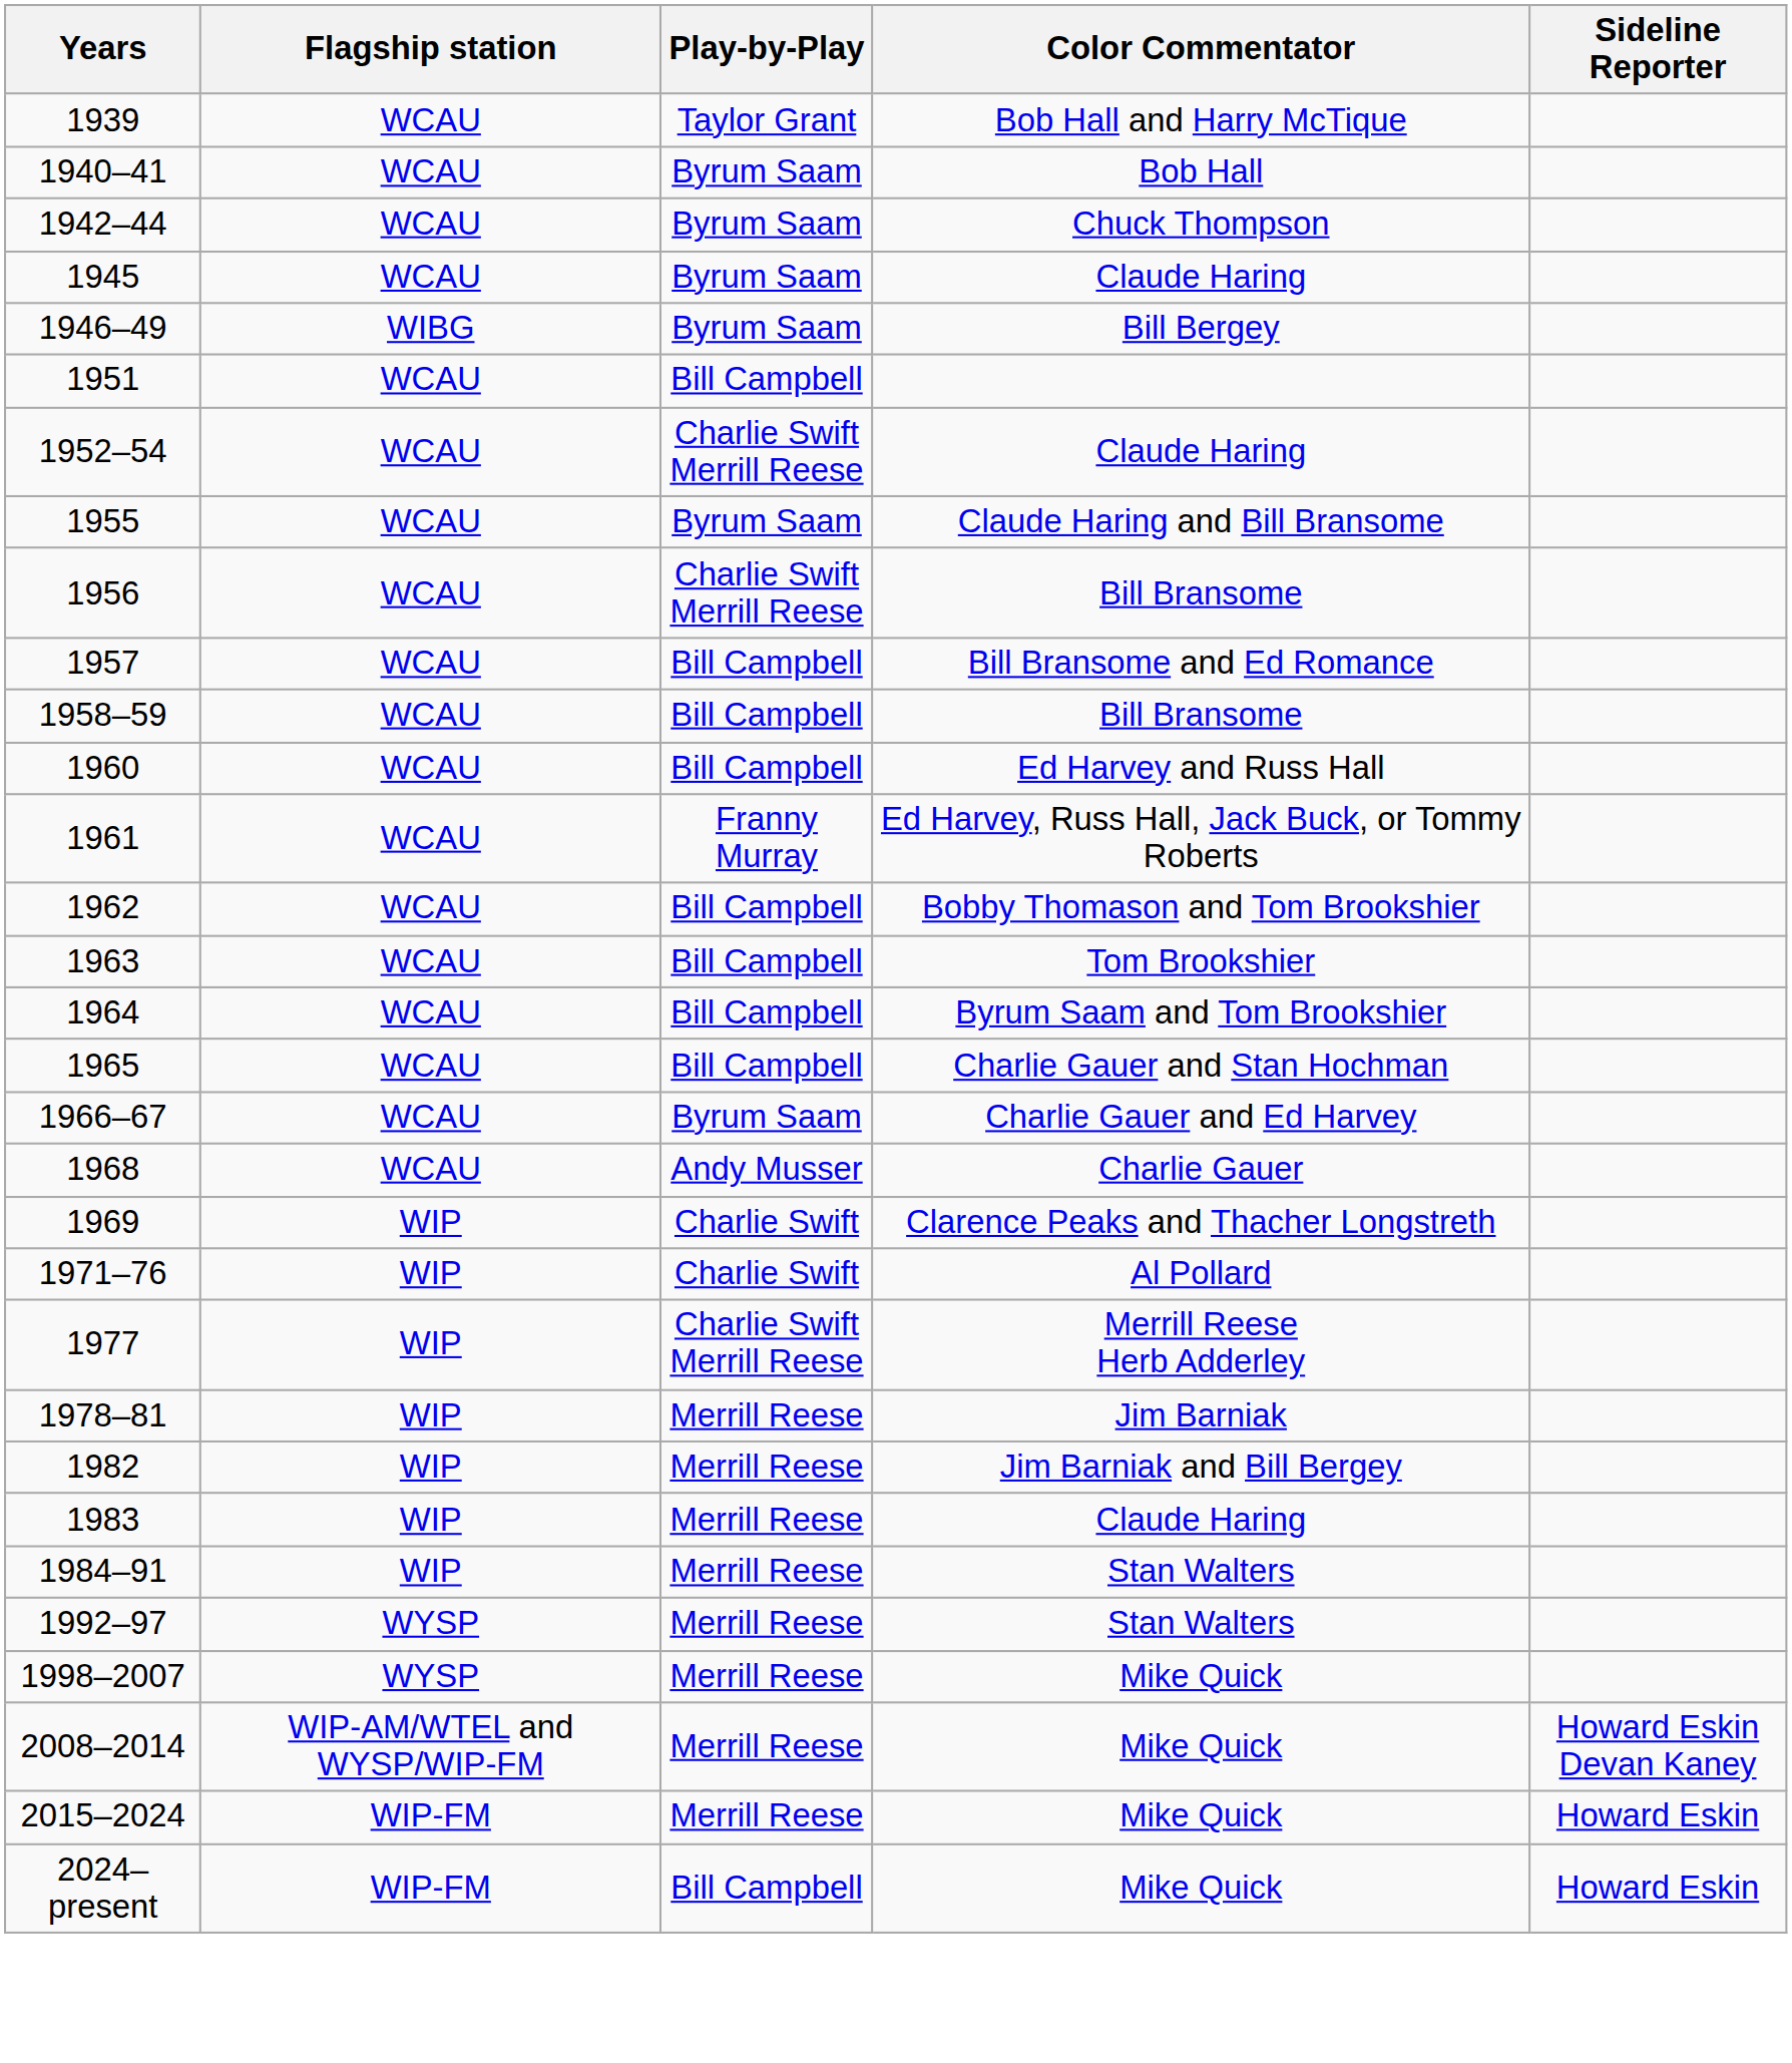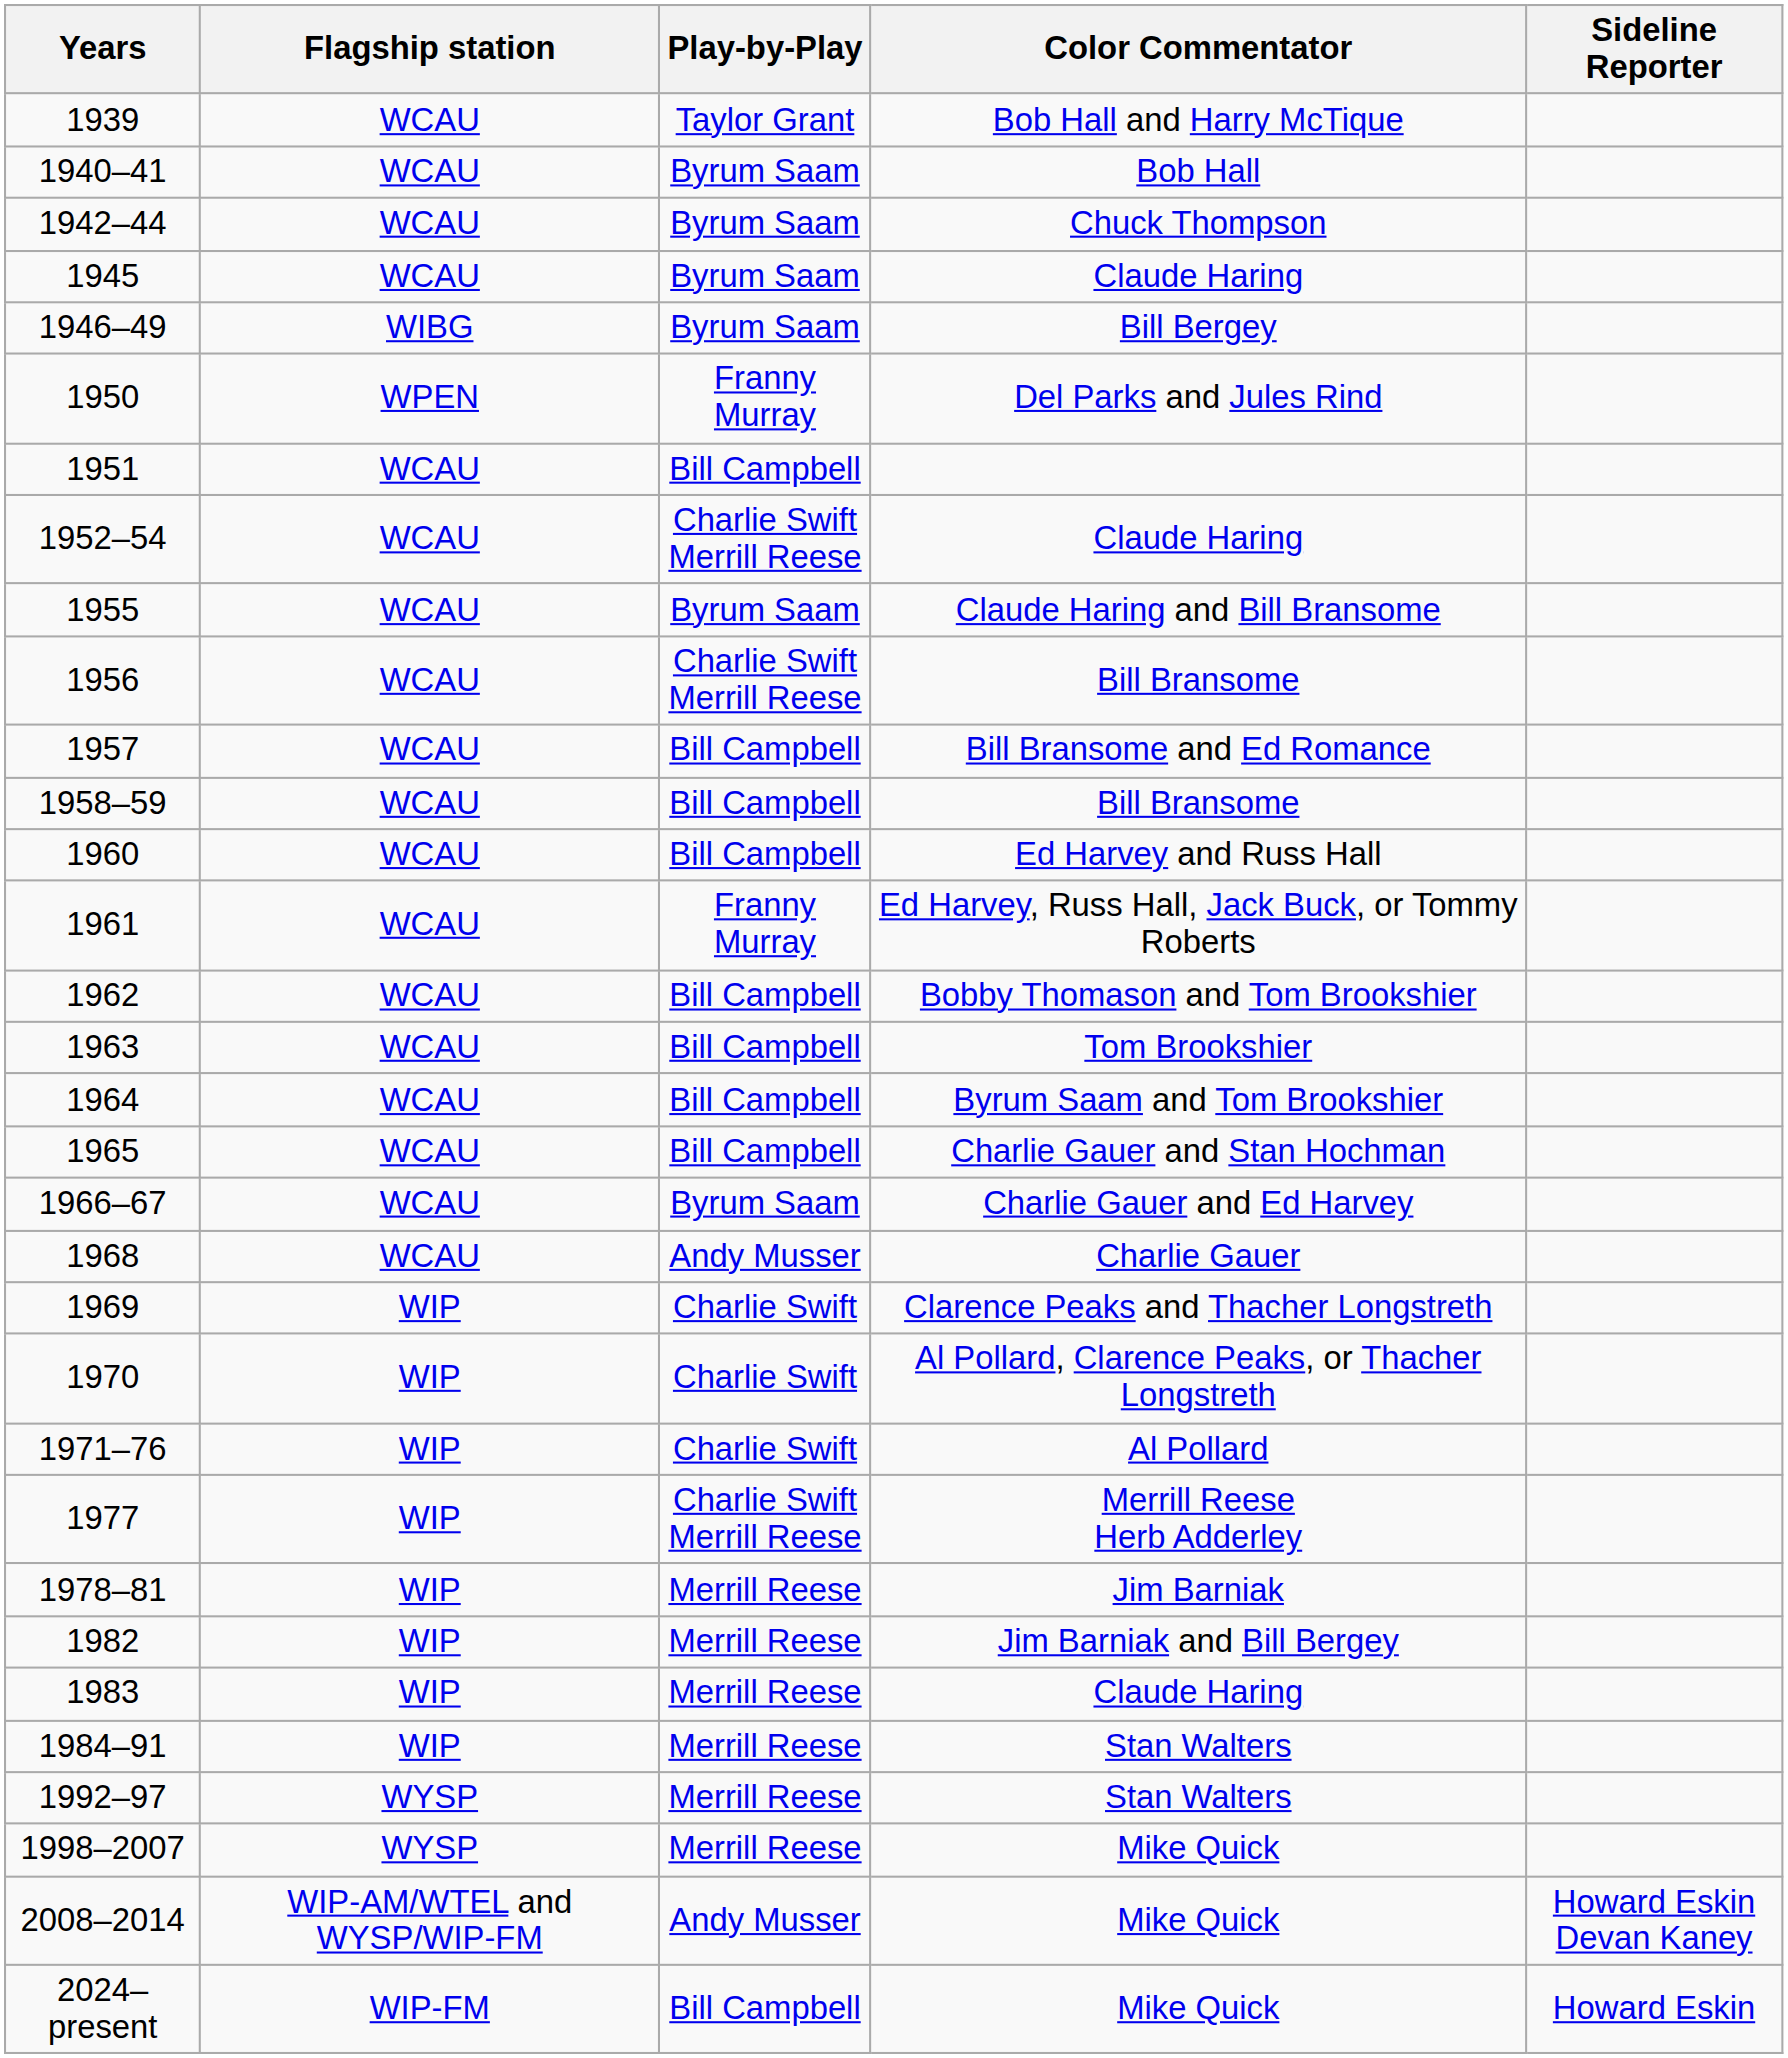 <table class="wikitable" style="text-align: center;">
 <tr>
 <th>Years</th>
 <th>Flagship station</th>
 <th>Play-by-Play</th>
 <th>Color Commentator</th>
 <th>Sideline Reporter</th>
 </tr>
 <tr>
 <td>1939</td>
 <td><a href='#'>WCAU</a></td>
 <td><a href='#'>Taylor Grant</a></td>
 <td><a href='#'>Bob Hall</a> and <a href='#'>Harry McTique</a></td>
 <td></td>
 </tr>
 <tr>
 <td>1940–41</td>
 <td><a href='#'>WCAU</a></td>
 <td><a href='#'>Byrum Saam</a></td>
 <td><a href='#'>Bob Hall</a></td>
 <td></td>
 </tr>
 <tr>
 <td>1942–44</td>
 <td><a href='#'>WCAU</a></td>
 <td><a href='#'>Byrum Saam</a></td>
 <td><a href='#'>Chuck Thompson</a></td>
 <td></td>
 </tr>
 <tr>
 <td>1945</td>
 <td><a href='#'>WCAU</a></td>
 <td><a href='#'>Byrum Saam</a></td>
 <td><a href='#'>Claude Haring</a></td>
 <td></td>
 </tr>
 <tr>
 <td>1946–49</td>
 <td><a href='#'>WIBG</a></td>
 <td><a href='#'>Byrum Saam</a></td>
 <td><a href='#'>Bill Bergey</a></td>
+<td></td>
+</tr>
+<tr>
+<td>1950</td>
+<td><a href='#'>WPEN</a></td>
+<td><a href='#'>Franny Murray</a></td>
+<td><a href='#'>Del Parks</a> and <a href='#'>Jules Rind</a></td>
 <td></td>
 </tr>
 <tr>
 <td>1951</td>
 <td><a href='#'>WCAU</a></td>
 <td><a href='#'>Bill Campbell</a></td>
 <td></td>
 <td></td>
 </tr>
 <tr>
 <td>1952–54</td>
 <td><a href='#'>WCAU</a></td>
 <td><a href='#'>Charlie Swift</a><br><a href='#'>Merrill Reese</a></td>
 <td><a href='#'>Claude Haring</a></td>
 <td></td>
 </tr>
 <tr>
 <td>1955</td>
 <td><a href='#'>WCAU</a></td>
 <td><a href='#'>Byrum Saam</a></td>
 <td><a href='#'>Claude Haring</a> and <a href='#'>Bill Bransome</a></td>
 <td></td>
 </tr>
 <tr>
 <td>1956</td>
 <td><a href='#'>WCAU</a></td>
 <td><a href='#'>Charlie Swift</a><br><a href='#'>Merrill Reese</a></td>
 <td><a href='#'>Bill Bransome</a></td>
 <td></td>
 </tr>
 <tr>
 <td>1957</td>
 <td><a href='#'>WCAU</a></td>
 <td><a href='#'>Bill Campbell</a></td>
 <td><a href='#'>Bill Bransome</a> and <a href='#'>Ed Romance</a></td>
 <td></td>
 </tr>
 <tr>
 <td>1958–59</td>
 <td><a href='#'>WCAU</a></td>
 <td><a href='#'>Bill Campbell</a></td>
 <td><a href='#'>Bill Bransome</a></td>
 <td></td>
 </tr>
 <tr>
 <td>1960</td>
 <td><a href='#'>WCAU</a></td>
 <td><a href='#'>Bill Campbell</a></td>
 <td><a href='#'>Ed Harvey</a> and Russ Hall</td>
 <td></td>
 </tr>
 <tr>
 <td>1961</td>
 <td><a href='#'>WCAU</a></td>
 <td><a href='#'>Franny Murray</a></td>
 <td><a href='#'>Ed Harvey</a>, Russ Hall, <a href='#'>Jack Buck</a>, or Tommy Roberts</td>
 <td></td>
 </tr>
 <tr>
 <td>1962</td>
 <td><a href='#'>WCAU</a></td>
 <td><a href='#'>Bill Campbell</a></td>
 <td><a href='#'>Bobby Thomason</a> and <a href='#'>Tom Brookshier</a></td>
 <td></td>
 </tr>
 <tr>
 <td>1963</td>
 <td><a href='#'>WCAU</a></td>
 <td><a href='#'>Bill Campbell</a></td>
 <td><a href='#'>Tom Brookshier</a></td>
 <td></td>
 </tr>
 <tr>
 <td>1964</td>
 <td><a href='#'>WCAU</a></td>
 <td><a href='#'>Bill Campbell</a></td>
 <td><a href='#'>Byrum Saam</a> and <a href='#'>Tom Brookshier</a></td>
 <td></td>
 </tr>
 <tr>
 <td>1965</td>
 <td><a href='#'>WCAU</a></td>
 <td><a href='#'>Bill Campbell</a></td>
 <td><a href='#'>Charlie Gauer</a> and <a href='#'>Stan Hochman</a></td>
 <td></td>
 </tr>
 <tr>
 <td>1966–67</td>
 <td><a href='#'>WCAU</a></td>
 <td><a href='#'>Byrum Saam</a></td>
 <td><a href='#'>Charlie Gauer</a> and <a href='#'>Ed Harvey</a></td>
 <td></td>
 </tr>
 <tr>
 <td>1968</td>
 <td><a href='#'>WCAU</a></td>
 <td><a href='#'>Andy Musser</a></td>
 <td><a href='#'>Charlie Gauer</a></td>
 <td></td>
 </tr>
 <tr>
 <td>1969</td>
 <td><a href='#'>WIP</a></td>
 <td><a href='#'>Charlie Swift</a></td>
 <td><a href='#'>Clarence Peaks</a> and <a href='#'>Thacher Longstreth</a></td>
 <td></td>
 </tr>
 <tr>
+<td>1970</td>
+<td><a href='#'>WIP</a></td>
+<td><a href='#'>Charlie Swift</a></td>
+<td><a href='#'>Al Pollard</a>, <a href='#'>Clarence Peaks</a>, or <a href='#'>Thacher Longstreth</a></td>
+<td></td>
+</tr>
+<tr>
 <td>1971–76</td>
 <td><a href='#'>WIP</a></td>
 <td><a href='#'>Charlie Swift</a></td>
 <td><a href='#'>Al Pollard</a></td>
 <td></td>
 </tr>
 <tr>
 <td>1977</td>
 <td><a href='#'>WIP</a></td>
 <td><a href='#'>Charlie Swift</a><br><a href='#'>Merrill Reese</a></td>
 <td><a href='#'>Merrill Reese</a><br><a href='#'>Herb Adderley</a></td>
 <td></td>
 </tr>
 <tr>
 <td>1978–81</td>
 <td><a href='#'>WIP</a></td>
 <td><a href='#'>Merrill Reese</a></td>
 <td><a href='#'>Jim Barniak</a></td>
 <td></td>
 </tr>
 <tr>
 <td>1982</td>
 <td><a href='#'>WIP</a></td>
 <td><a href='#'>Merrill Reese</a></td>
 <td><a href='#'>Jim Barniak</a> and <a href='#'>Bill Bergey</a></td>
 <td></td>
 </tr>
 <tr>
 <td>1983</td>
 <td><a href='#'>WIP</a></td>
 <td><a href='#'>Merrill Reese</a></td>
 <td><a href='#'>Claude Haring</a></td>
 <td></td>
 </tr>
 <tr>
 <td>1984–91</td>
 <td><a href='#'>WIP</a></td>
 <td><a href='#'>Merrill Reese</a></td>
 <td><a href='#'>Stan Walters</a></td>
 <td></td>
 </tr>
 <tr>
 <td>1992–97</td>
 <td><a href='#'>WYSP</a></td>
 <td><a href='#'>Merrill Reese</a></td>
 <td><a href='#'>Stan Walters</a></td>
 <td></td>
 </tr>
 <tr>
 <td>1998–2007</td>
 <td><a href='#'>WYSP</a></td>
 <td><a href='#'>Merrill Reese</a></td>
 <td><a href='#'>Mike Quick</a></td>
 <td></td>
 </tr>
 <tr>
 <td>2008–2014</td>
 <td><a href='#'>WIP-AM/WTEL</a> and <a href='#'>WYSP/WIP-FM</a></td>
-<td><a href='#'>Merrill Reese</a></td>
+<td><a href='#'>Andy Musser</a></td>
 <td><a href='#'>Mike Quick</a></td>
 <td><a href='#'>Howard Eskin</a><br><a href='#'>Devan Kaney</a></td>
-</tr>
-<tr>
-<td>2015–2024</td>
-<td><a href='#'>WIP-FM</a></td>
-<td><a href='#'>Merrill Reese</a></td>
-<td><a href='#'>Mike Quick</a></td>
-<td><a href='#'>Howard Eskin</a></td>
 </tr>
 <tr>
 <td>2024–present</td>
 <td><a href='#'>WIP-FM</a></td>
 <td><a href='#'>Bill Campbell</a></td>
 <td><a href='#'>Mike Quick</a></td>
 <td><a href='#'>Howard Eskin</a></td>
 </tr>
 </table>
